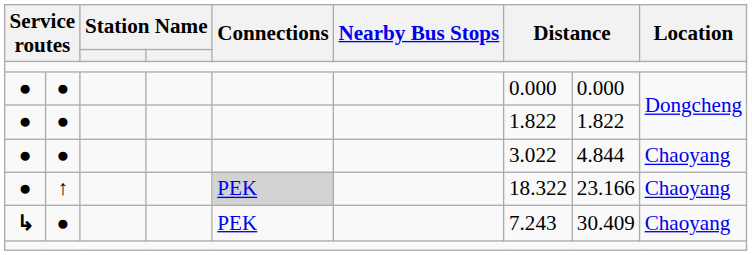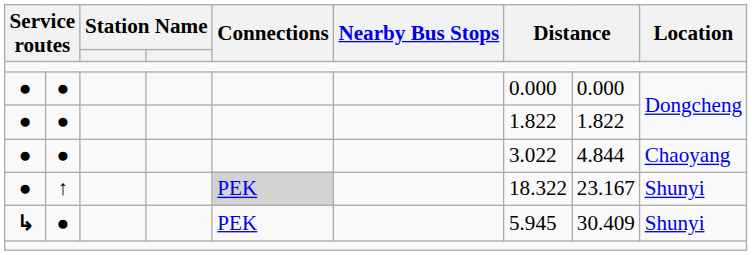 <table class="wikitable">
 <tr>
 <th colspan="2" rowspan="2">Service<br>routes</th>
 <th colspan="2">Station Name</th>
 <th rowspan="2">Connections</th>
 <th rowspan="2"><a href='#'>Nearby Bus Stops</a></th>
 <th colspan="2" rowspan="2">Distance<br></th>
 <th rowspan="2">Location</th>
 </tr>
 <tr>
 <th></th>
 <th></th>
 </tr>
 <tr style="background:#">
 <td colspan=10></td>
 </tr>
 <tr>
 <td align="center">●</td>
 <td align="center">●</td>
 <td></td>
 <td></td>
 <td></td>
 <td></td>
 <td>0.000</td>
 <td>0.000</td>
 <td bgcolor="#F8F9FA" rowspan = "2"><a href='#'>Dongcheng</a></td>
 </tr>
 <tr>
 <td align="center">●</td>
 <td align="center">●</td>
 <td></td>
 <td></td>
 <td> </td>
 <td></td>
 <td>1.822</td>
 <td>1.822</td>
 </tr>
 <tr>
 <td align="center">●</td>
 <td align="center">●</td>
 <td></td>
 <td></td>
 <td> </td>
 <td></td>
 <td>3.022</td>
 <td>4.844</td>
 <td rowspan = "1"><a href='#'>Chaoyang</a></td>
 </tr>
 <tr>
 <td align="center">●</td>
 <td align="center"><strong>↑</strong></td>
 <td></td>
 <td></td>
 <td style="background: lightgrey;"> <a href='#'>PEK</a></td>
 <td></td>
 <td>18.322</td>
-<td>23.166</td>
-<td rowspan = "1"><a href='#'>Chaoyang</a></td>
+<td>23.167</td>
+<td><a href='#'>Shunyi</a></td>
 </tr>
 <tr>
 <td align="center"><strong>↳</strong></td>
 <td align="center">●</td>
 <td></td>
 <td></td>
 <td> <a href='#'>PEK</a></td>
 <td></td>
-<td>7.243</td>
+<td>5.945</td>
 <td>30.409</td>
-<td><a href='#'>Chaoyang</a></td>
+<td><a href='#'>Shunyi</a></td>
 </tr>
 <tr style="background:#">
 <td colspan =10></td>
 </tr>
 </table>
